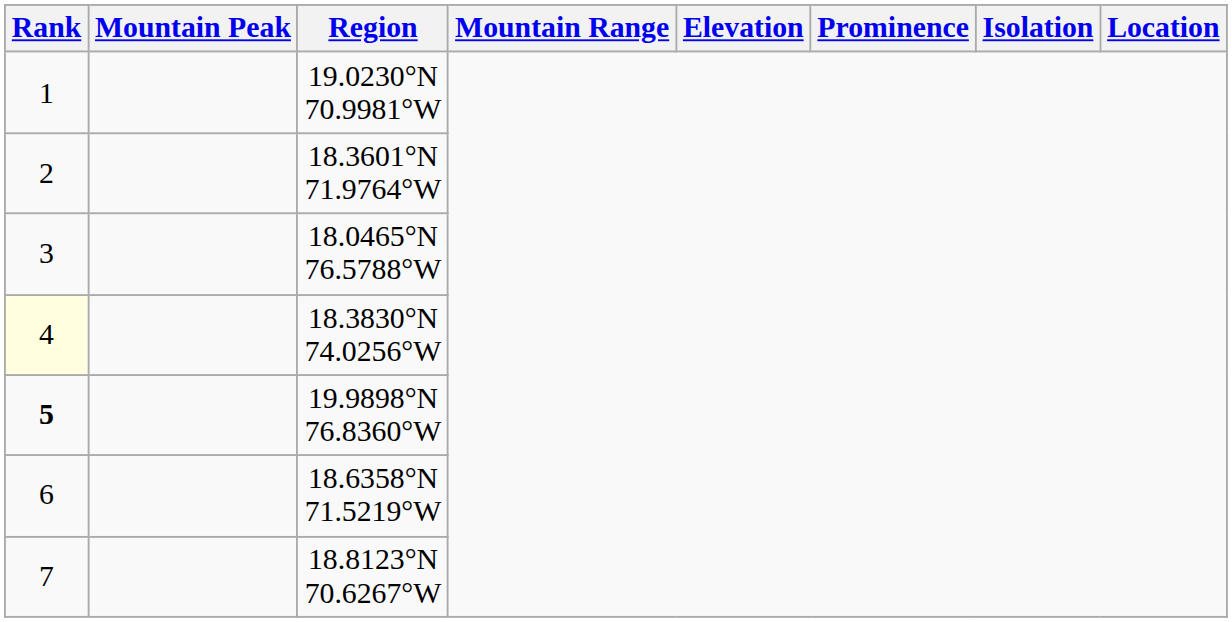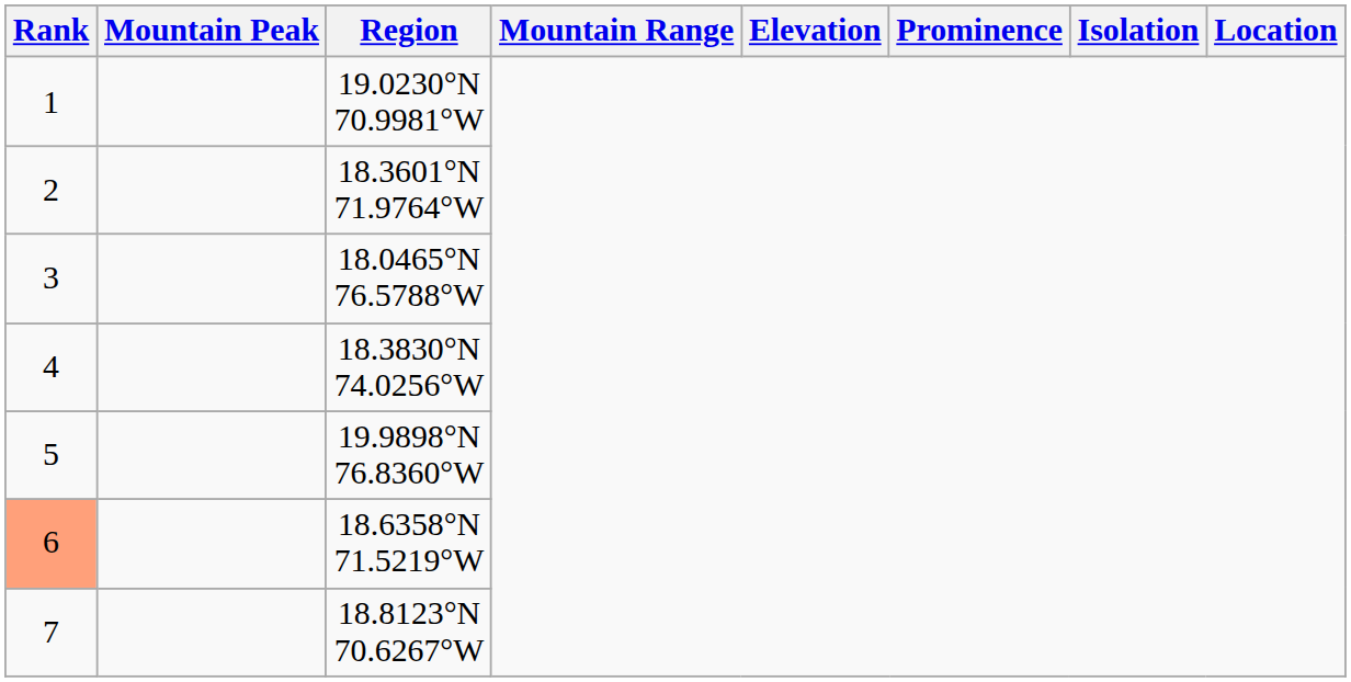 <table class="wikitable sortable">
 <tr>
 <th><a href='#'>Rank</a></th>
 <th><a href='#'>Mountain Peak</a></th>
 <th><a href='#'>Region</a></th>
 <th><a href='#'>Mountain Range</a></th>
 <th><a href='#'>Elevation</a></th>
 <th><a href='#'>Prominence</a></th>
 <th><a href='#'>Isolation</a></th>
 <th><a href='#'>Location</a></th>
 </tr>
 <tr>
 <td align=center>1<br></td>
 <td><br> </td>
 <td align=center>19.0230°N<br>70.9981°W</td>
 </tr>
 <tr>
 <td align=center>2<br></td>
 <td><br> </td>
 <td align=center>18.3601°N<br>71.9764°W</td>
 </tr>
 <tr>
 <td align=center>3<br></td>
 <td><br> </td>
 <td align=center>18.0465°N<br>76.5788°W</td>
 </tr>
 <tr>
-<td align=center style="background: lightyellow;">4<br></td>
+<td align=center>4<br></td>
 <td><br> </td>
 <td align=center>18.3830°N<br>74.0256°W</td>
 </tr>
 <tr>
-<td align=center><strong>5<br></strong></td>
+<td align=center>5<br></td>
 <td><br> </td>
 <td align=center>19.9898°N<br>76.8360°W</td>
 </tr>
 <tr>
-<td align=center>6<br></td>
+<td align=center style="background: lightsalmon;">6<br></td>
 <td><br> </td>
 <td align=center>18.6358°N<br>71.5219°W</td>
 </tr>
 <tr>
 <td align=center>7<br></td>
 <td><br> </td>
 <td align=center>18.8123°N<br>70.6267°W</td>
 </tr>
 </table>
